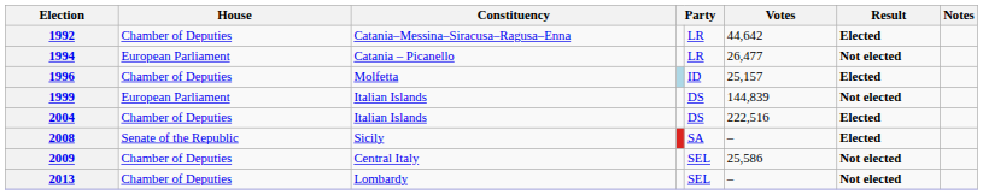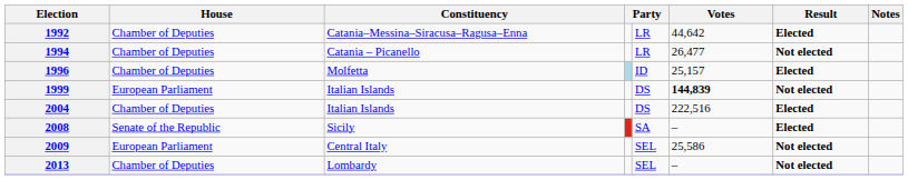 <table class=wikitable style="width:76%; border:1px #AAAAFF solid">
 <tr>
 <th width=12%>Election</th>
 <th width=25%>House</th>
 <th width=35%>Constituency</th>
 <th width=5% colspan="2">Party</th>
 <th width=12%>Votes</th>
 <th width=16%>Result</th>
 <th width=7%>Notes</th>
 </tr>
 <tr>
 <th><a href='#'>1992</a></th>
 <td><a href='#'>Chamber of Deputies</a></td>
 <td><a href='#'>Catania–Messina–Siracusa–Ragusa–Enna</a></td>
 <td></td>
 <td><a href='#'>LR</a></td>
 <td>44,642</td>
 <td> <strong>Elected</strong></td>
 <td></td>
 </tr>
 <tr>
 <th><a href='#'>1994</a></th>
-<td><a href='#'>European Parliament</a></td>
+<td><a href='#'>Chamber of Deputies</a></td>
 <td><a href='#'>Catania – Picanello</a></td>
 <td></td>
 <td><a href='#'>LR</a></td>
 <td>26,477</td>
 <td> <strong>Not elected</strong></td>
 <td></td>
 </tr>
 <tr>
 <th><a href='#'>1996</a></th>
 <td><a href='#'>Chamber of Deputies</a></td>
 <td><a href='#'>Molfetta</a></td>
 <td bgcolor="lightblue"></td>
 <td><a href='#'>ID</a></td>
 <td>25,157</td>
 <td> <strong>Elected</strong></td>
 <td></td>
 </tr>
 <tr>
 <th><a href='#'>1999</a></th>
 <td><a href='#'>European Parliament</a></td>
 <td><a href='#'>Italian Islands</a></td>
 <td></td>
 <td><a href='#'>DS</a></td>
-<td>144,839</td>
+<td><strong>144,839</strong></td>
 <td> <strong>Not elected</strong></td>
 <td></td>
 </tr>
 <tr>
 <th><a href='#'>2004</a></th>
 <td><a href='#'>Chamber of Deputies</a></td>
 <td><a href='#'>Italian Islands</a></td>
 <td></td>
 <td><a href='#'>DS</a></td>
 <td>222,516</td>
 <td> <strong>Elected</strong></td>
 <td></td>
 </tr>
 <tr>
 <th><a href='#'>2008</a></th>
 <td><a href='#'>Senate of the Republic</a></td>
 <td><a href='#'>Sicily</a></td>
 <td bgcolor="#DC241f"></td>
 <td><a href='#'>SA</a></td>
 <td>–</td>
 <td> <strong>Elected</strong></td>
 <td></td>
 </tr>
 <tr>
 <th><a href='#'>2009</a></th>
-<td><a href='#'>Chamber of Deputies</a></td>
+<td><a href='#'>European Parliament</a></td>
 <td><a href='#'>Central Italy</a></td>
 <td></td>
 <td><a href='#'>SEL</a></td>
 <td>25,586</td>
 <td> <strong>Not elected</strong></td>
 <td></td>
 </tr>
 <tr>
 <th><a href='#'>2013</a></th>
 <td><a href='#'>Chamber of Deputies</a></td>
 <td><a href='#'>Lombardy</a></td>
 <td></td>
 <td><a href='#'>SEL</a></td>
 <td>–</td>
 <td> <strong>Not elected</strong></td>
 <td></td>
 </tr>
 <tr>
 </tr>
 </table>
